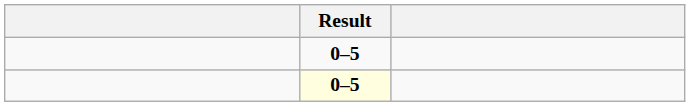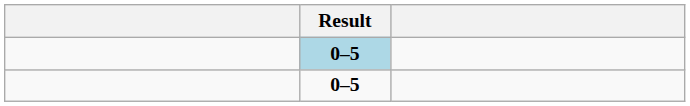 <table class="wikitable" style="text-align:center; font-size:90%">
 <tr>
 <th width=210></th>
 <th width=60>Result</th>
 <th width=210></th>
 </tr>
 <tr>
 <td align=left></td>
-<td><strong>0–5</strong></td>
+<td style="background: lightblue;"><strong>0–5</strong></td>
 <td align=left><strong></strong></td>
 </tr>
 <tr>
 <td align=left></td>
-<td style="background: lightyellow;"><strong>0–5</strong></td>
+<td><strong>0–5</strong></td>
 <td align=left><strong></strong></td>
 </tr>
 </table>
